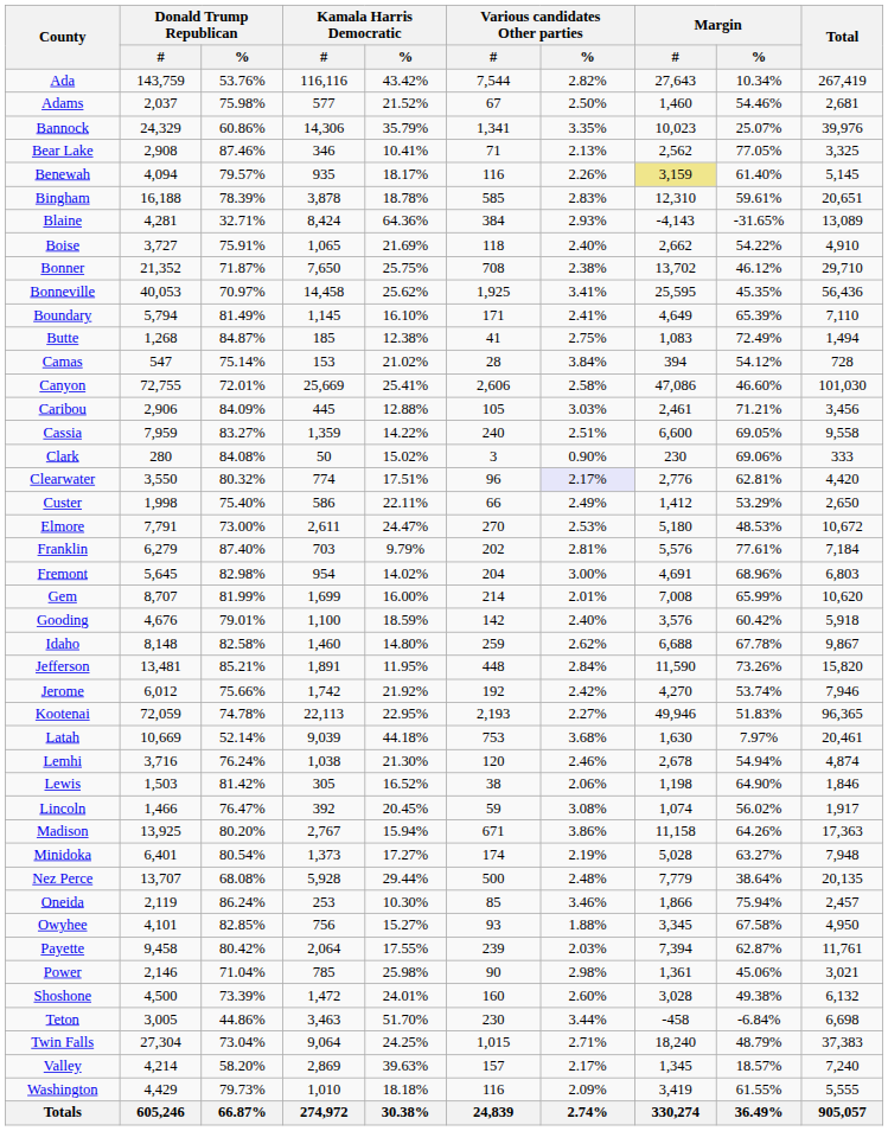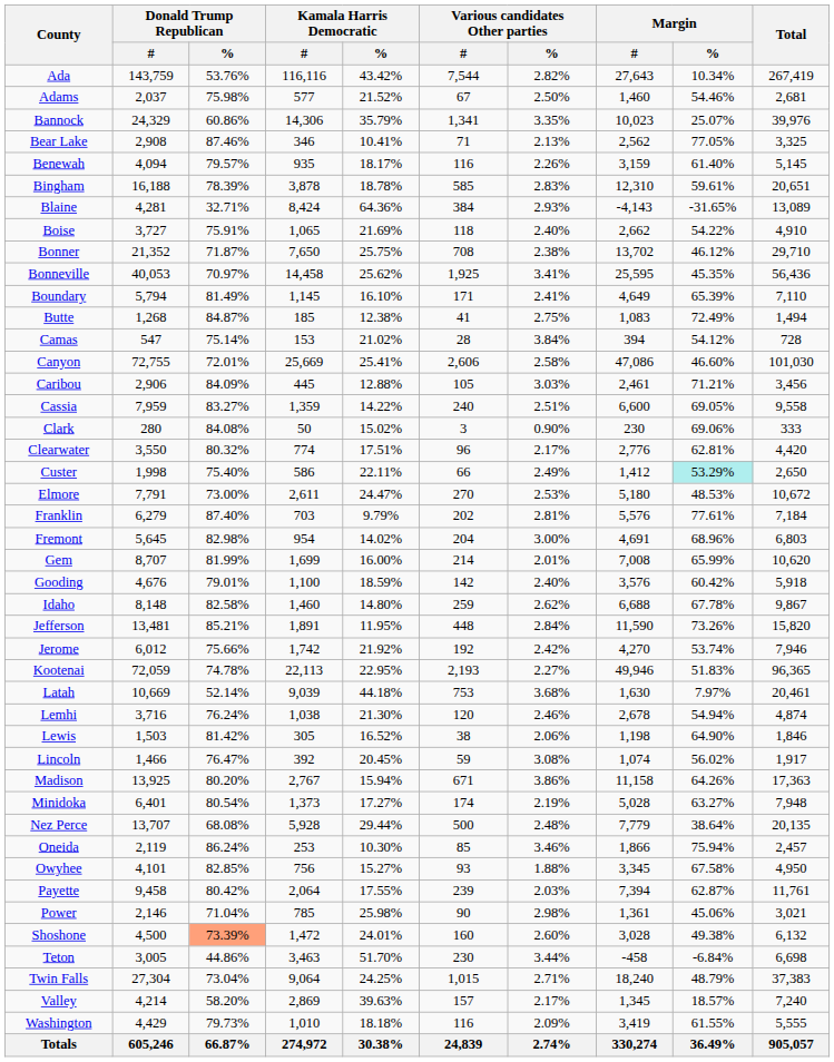 <table width="60%" class="wikitable sortable">
 <tr>
 <th rowspan="2">County</th>
 <th colspan="2">Donald Trump<br>Republican</th>
 <th colspan="2">Kamala Harris<br>Democratic</th>
 <th colspan="2">Various candidates<br>Other parties</th>
 <th colspan="2">Margin</th>
 <th rowspan="2">Total</th>
 </tr>
 <tr>
 <th style="text-align:center;" data-sort-type="number">#</th>
 <th style="text-align:center;" data-sort-type="number">%</th>
 <th style="text-align:center;" data-sort-type="number">#</th>
 <th style="text-align:center;" data-sort-type="number">%</th>
 <th style="text-align:center;" data-sort-type="number">#</th>
 <th style="text-align:center;" data-sort-type="number">%</th>
 <th style="text-align:center;" data-sort-type="number">#</th>
 <th style="text-align:center;" data-sort-type="number">%</th>
 </tr>
 <tr style="text-align:center;">
 <td><a href='#'>Ada</a></td>
 <td>143,759</td>
 <td>53.76%</td>
 <td>116,116</td>
 <td>43.42%</td>
 <td>7,544</td>
 <td>2.82%</td>
 <td>27,643</td>
 <td>10.34%</td>
 <td>267,419</td>
 </tr>
 <tr style="text-align:center;">
 <td><a href='#'>Adams</a></td>
 <td>2,037</td>
 <td>75.98%</td>
 <td>577</td>
 <td>21.52%</td>
 <td>67</td>
 <td>2.50%</td>
 <td>1,460</td>
 <td>54.46%</td>
 <td>2,681</td>
 </tr>
 <tr style="text-align:center;">
 <td><a href='#'>Bannock</a></td>
 <td>24,329</td>
 <td>60.86%</td>
 <td>14,306</td>
 <td>35.79%</td>
 <td>1,341</td>
 <td>3.35%</td>
 <td>10,023</td>
 <td>25.07%</td>
 <td>39,976</td>
 </tr>
 <tr style="text-align:center;">
 <td><a href='#'>Bear Lake</a></td>
 <td>2,908</td>
 <td>87.46%</td>
 <td>346</td>
 <td>10.41%</td>
 <td>71</td>
 <td>2.13%</td>
 <td>2,562</td>
 <td>77.05%</td>
 <td>3,325</td>
 </tr>
 <tr style="text-align:center;">
 <td><a href='#'>Benewah</a></td>
 <td>4,094</td>
 <td>79.57%</td>
 <td>935</td>
 <td>18.17%</td>
 <td>116</td>
 <td>2.26%</td>
-<td style="background: khaki;">3,159</td>
+<td>3,159</td>
 <td>61.40%</td>
 <td>5,145</td>
 </tr>
 <tr style="text-align:center;">
 <td><a href='#'>Bingham</a></td>
 <td>16,188</td>
 <td>78.39%</td>
 <td>3,878</td>
 <td>18.78%</td>
 <td>585</td>
 <td>2.83%</td>
 <td>12,310</td>
 <td>59.61%</td>
 <td>20,651</td>
 </tr>
 <tr style="text-align:center;">
 <td><a href='#'>Blaine</a></td>
 <td>4,281</td>
 <td>32.71%</td>
 <td>8,424</td>
 <td>64.36%</td>
 <td>384</td>
 <td>2.93%</td>
 <td>-4,143</td>
 <td>-31.65%</td>
 <td>13,089</td>
 </tr>
 <tr style="text-align:center;">
 <td><a href='#'>Boise</a></td>
 <td>3,727</td>
 <td>75.91%</td>
 <td>1,065</td>
 <td>21.69%</td>
 <td>118</td>
 <td>2.40%</td>
 <td>2,662</td>
 <td>54.22%</td>
 <td>4,910</td>
 </tr>
 <tr style="text-align:center;">
 <td><a href='#'>Bonner</a></td>
 <td>21,352</td>
 <td>71.87%</td>
 <td>7,650</td>
 <td>25.75%</td>
 <td>708</td>
 <td>2.38%</td>
 <td>13,702</td>
 <td>46.12%</td>
 <td>29,710</td>
 </tr>
 <tr style="text-align:center;">
 <td><a href='#'>Bonneville</a></td>
 <td>40,053</td>
 <td>70.97%</td>
 <td>14,458</td>
 <td>25.62%</td>
 <td>1,925</td>
 <td>3.41%</td>
 <td>25,595</td>
 <td>45.35%</td>
 <td>56,436</td>
 </tr>
 <tr style="text-align:center;">
 <td><a href='#'>Boundary</a></td>
 <td>5,794</td>
 <td>81.49%</td>
 <td>1,145</td>
 <td>16.10%</td>
 <td>171</td>
 <td>2.41%</td>
 <td>4,649</td>
 <td>65.39%</td>
 <td>7,110</td>
 </tr>
 <tr style="text-align:center;">
 <td><a href='#'>Butte</a></td>
 <td>1,268</td>
 <td>84.87%</td>
 <td>185</td>
 <td>12.38%</td>
 <td>41</td>
 <td>2.75%</td>
 <td>1,083</td>
 <td>72.49%</td>
 <td>1,494</td>
 </tr>
 <tr style="text-align:center;">
 <td><a href='#'>Camas</a></td>
 <td>547</td>
 <td>75.14%</td>
 <td>153</td>
 <td>21.02%</td>
 <td>28</td>
 <td>3.84%</td>
 <td>394</td>
 <td>54.12%</td>
 <td>728</td>
 </tr>
 <tr style="text-align:center;">
 <td><a href='#'>Canyon</a></td>
 <td>72,755</td>
 <td>72.01%</td>
 <td>25,669</td>
 <td>25.41%</td>
 <td>2,606</td>
 <td>2.58%</td>
 <td>47,086</td>
 <td>46.60%</td>
 <td>101,030</td>
 </tr>
 <tr style="text-align:center;">
 <td><a href='#'>Caribou</a></td>
 <td>2,906</td>
 <td>84.09%</td>
 <td>445</td>
 <td>12.88%</td>
 <td>105</td>
 <td>3.03%</td>
 <td>2,461</td>
 <td>71.21%</td>
 <td>3,456</td>
 </tr>
 <tr style="text-align:center;">
 <td><a href='#'>Cassia</a></td>
 <td>7,959</td>
 <td>83.27%</td>
 <td>1,359</td>
 <td>14.22%</td>
 <td>240</td>
 <td>2.51%</td>
 <td>6,600</td>
 <td>69.05%</td>
 <td>9,558</td>
 </tr>
 <tr style="text-align:center;">
 <td><a href='#'>Clark</a></td>
 <td>280</td>
 <td>84.08%</td>
 <td>50</td>
 <td>15.02%</td>
 <td>3</td>
 <td>0.90%</td>
 <td>230</td>
 <td>69.06%</td>
 <td>333</td>
 </tr>
 <tr style="text-align:center;">
 <td><a href='#'>Clearwater</a></td>
 <td>3,550</td>
 <td>80.32%</td>
 <td>774</td>
 <td>17.51%</td>
 <td>96</td>
-<td style="background: lavender;">2.17%</td>
+<td>2.17%</td>
 <td>2,776</td>
 <td>62.81%</td>
 <td>4,420</td>
 </tr>
 <tr style="text-align:center;">
 <td><a href='#'>Custer</a></td>
 <td>1,998</td>
 <td>75.40%</td>
 <td>586</td>
 <td>22.11%</td>
 <td>66</td>
 <td>2.49%</td>
 <td>1,412</td>
-<td>53.29%</td>
+<td style="background: paleturquoise;">53.29%</td>
 <td>2,650</td>
 </tr>
 <tr style="text-align:center;">
 <td><a href='#'>Elmore</a></td>
 <td>7,791</td>
 <td>73.00%</td>
 <td>2,611</td>
 <td>24.47%</td>
 <td>270</td>
 <td>2.53%</td>
 <td>5,180</td>
 <td>48.53%</td>
 <td>10,672</td>
 </tr>
 <tr style="text-align:center;">
 <td><a href='#'>Franklin</a></td>
 <td>6,279</td>
 <td>87.40%</td>
 <td>703</td>
 <td>9.79%</td>
 <td>202</td>
 <td>2.81%</td>
 <td>5,576</td>
 <td>77.61%</td>
 <td>7,184</td>
 </tr>
 <tr style="text-align:center;">
 <td><a href='#'>Fremont</a></td>
 <td>5,645</td>
 <td>82.98%</td>
 <td>954</td>
 <td>14.02%</td>
 <td>204</td>
 <td>3.00%</td>
 <td>4,691</td>
 <td>68.96%</td>
 <td>6,803</td>
 </tr>
 <tr style="text-align:center;">
 <td><a href='#'>Gem</a></td>
 <td>8,707</td>
 <td>81.99%</td>
 <td>1,699</td>
 <td>16.00%</td>
 <td>214</td>
 <td>2.01%</td>
 <td>7,008</td>
 <td>65.99%</td>
 <td>10,620</td>
 </tr>
 <tr style="text-align:center;">
 <td><a href='#'>Gooding</a></td>
 <td>4,676</td>
 <td>79.01%</td>
 <td>1,100</td>
 <td>18.59%</td>
 <td>142</td>
 <td>2.40%</td>
 <td>3,576</td>
 <td>60.42%</td>
 <td>5,918</td>
 </tr>
 <tr style="text-align:center;">
 <td><a href='#'>Idaho</a></td>
 <td>8,148</td>
 <td>82.58%</td>
 <td>1,460</td>
 <td>14.80%</td>
 <td>259</td>
 <td>2.62%</td>
 <td>6,688</td>
 <td>67.78%</td>
 <td>9,867</td>
 </tr>
 <tr style="text-align:center;">
 <td><a href='#'>Jefferson</a></td>
 <td>13,481</td>
 <td>85.21%</td>
 <td>1,891</td>
 <td>11.95%</td>
 <td>448</td>
 <td>2.84%</td>
 <td>11,590</td>
 <td>73.26%</td>
 <td>15,820</td>
 </tr>
 <tr style="text-align:center;">
 <td><a href='#'>Jerome</a></td>
 <td>6,012</td>
 <td>75.66%</td>
 <td>1,742</td>
 <td>21.92%</td>
 <td>192</td>
 <td>2.42%</td>
 <td>4,270</td>
 <td>53.74%</td>
 <td>7,946</td>
 </tr>
 <tr style="text-align:center;">
 <td><a href='#'>Kootenai</a></td>
 <td>72,059</td>
 <td>74.78%</td>
 <td>22,113</td>
 <td>22.95%</td>
 <td>2,193</td>
 <td>2.27%</td>
 <td>49,946</td>
 <td>51.83%</td>
 <td>96,365</td>
 </tr>
 <tr style="text-align:center;">
 <td><a href='#'>Latah</a></td>
 <td>10,669</td>
 <td>52.14%</td>
 <td>9,039</td>
 <td>44.18%</td>
 <td>753</td>
 <td>3.68%</td>
 <td>1,630</td>
 <td>7.97%</td>
 <td>20,461</td>
 </tr>
 <tr style="text-align:center;">
 <td><a href='#'>Lemhi</a></td>
 <td>3,716</td>
 <td>76.24%</td>
 <td>1,038</td>
 <td>21.30%</td>
 <td>120</td>
 <td>2.46%</td>
 <td>2,678</td>
 <td>54.94%</td>
 <td>4,874</td>
 </tr>
 <tr style="text-align:center;">
 <td><a href='#'>Lewis</a></td>
 <td>1,503</td>
 <td>81.42%</td>
 <td>305</td>
 <td>16.52%</td>
 <td>38</td>
 <td>2.06%</td>
 <td>1,198</td>
 <td>64.90%</td>
 <td>1,846</td>
 </tr>
 <tr style="text-align:center;">
 <td><a href='#'>Lincoln</a></td>
 <td>1,466</td>
 <td>76.47%</td>
 <td>392</td>
 <td>20.45%</td>
 <td>59</td>
 <td>3.08%</td>
 <td>1,074</td>
 <td>56.02%</td>
 <td>1,917</td>
 </tr>
 <tr style="text-align:center;">
 <td><a href='#'>Madison</a></td>
 <td>13,925</td>
 <td>80.20%</td>
 <td>2,767</td>
 <td>15.94%</td>
 <td>671</td>
 <td>3.86%</td>
 <td>11,158</td>
 <td>64.26%</td>
 <td>17,363</td>
 </tr>
 <tr style="text-align:center;">
 <td><a href='#'>Minidoka</a></td>
 <td>6,401</td>
 <td>80.54%</td>
 <td>1,373</td>
 <td>17.27%</td>
 <td>174</td>
 <td>2.19%</td>
 <td>5,028</td>
 <td>63.27%</td>
 <td>7,948</td>
 </tr>
 <tr style="text-align:center;">
 <td><a href='#'>Nez Perce</a></td>
 <td>13,707</td>
 <td>68.08%</td>
 <td>5,928</td>
 <td>29.44%</td>
 <td>500</td>
 <td>2.48%</td>
 <td>7,779</td>
 <td>38.64%</td>
 <td>20,135</td>
 </tr>
 <tr style="text-align:center;">
 <td><a href='#'>Oneida</a></td>
 <td>2,119</td>
 <td>86.24%</td>
 <td>253</td>
 <td>10.30%</td>
 <td>85</td>
 <td>3.46%</td>
 <td>1,866</td>
 <td>75.94%</td>
 <td>2,457</td>
 </tr>
 <tr style="text-align:center;">
 <td><a href='#'>Owyhee</a></td>
 <td>4,101</td>
 <td>82.85%</td>
 <td>756</td>
 <td>15.27%</td>
 <td>93</td>
 <td>1.88%</td>
 <td>3,345</td>
 <td>67.58%</td>
 <td>4,950</td>
 </tr>
 <tr style="text-align:center;">
 <td><a href='#'>Payette</a></td>
 <td>9,458</td>
 <td>80.42%</td>
 <td>2,064</td>
 <td>17.55%</td>
 <td>239</td>
 <td>2.03%</td>
 <td>7,394</td>
 <td>62.87%</td>
 <td>11,761</td>
 </tr>
 <tr style="text-align:center;">
 <td><a href='#'>Power</a></td>
 <td>2,146</td>
 <td>71.04%</td>
 <td>785</td>
 <td>25.98%</td>
 <td>90</td>
 <td>2.98%</td>
 <td>1,361</td>
 <td>45.06%</td>
 <td>3,021</td>
 </tr>
 <tr style="text-align:center;">
 <td><a href='#'>Shoshone</a></td>
 <td>4,500</td>
-<td>73.39%</td>
+<td style="background: lightsalmon;">73.39%</td>
 <td>1,472</td>
 <td>24.01%</td>
 <td>160</td>
 <td>2.60%</td>
 <td>3,028</td>
 <td>49.38%</td>
 <td>6,132</td>
 </tr>
 <tr style="text-align:center;">
 <td><a href='#'>Teton</a></td>
 <td>3,005</td>
 <td>44.86%</td>
 <td>3,463</td>
 <td>51.70%</td>
 <td>230</td>
 <td>3.44%</td>
 <td>-458</td>
 <td>-6.84%</td>
 <td>6,698</td>
 </tr>
 <tr style="text-align:center;">
 <td><a href='#'>Twin Falls</a></td>
 <td>27,304</td>
 <td>73.04%</td>
 <td>9,064</td>
 <td>24.25%</td>
 <td>1,015</td>
 <td>2.71%</td>
 <td>18,240</td>
 <td>48.79%</td>
 <td>37,383</td>
 </tr>
 <tr style="text-align:center;">
 <td><a href='#'>Valley</a></td>
 <td>4,214</td>
 <td>58.20%</td>
 <td>2,869</td>
 <td>39.63%</td>
 <td>157</td>
 <td>2.17%</td>
 <td>1,345</td>
 <td>18.57%</td>
 <td>7,240</td>
 </tr>
 <tr style="text-align:center;">
 <td><a href='#'>Washington</a></td>
 <td>4,429</td>
 <td>79.73%</td>
 <td>1,010</td>
 <td>18.18%</td>
 <td>116</td>
 <td>2.09%</td>
 <td>3,419</td>
 <td>61.55%</td>
 <td>5,555</td>
 </tr>
 <tr>
 <th>Totals</th>
 <th>605,246</th>
 <th>66.87%</th>
 <th>274,972</th>
 <th>30.38%</th>
 <th>24,839</th>
 <th>2.74%</th>
 <th>330,274</th>
 <th>36.49%</th>
 <th>905,057</th>
 </tr>
 </table>
